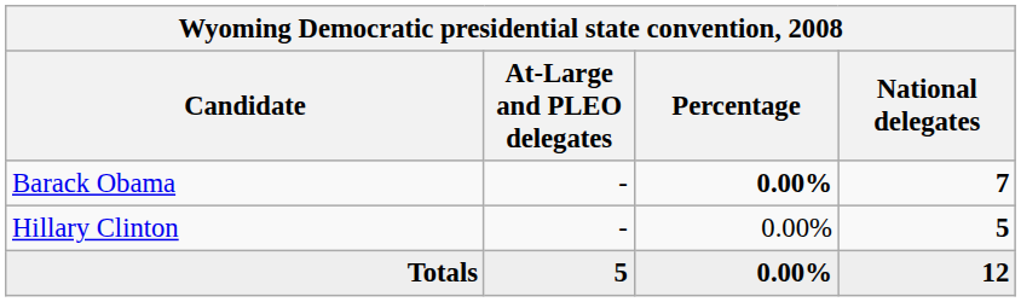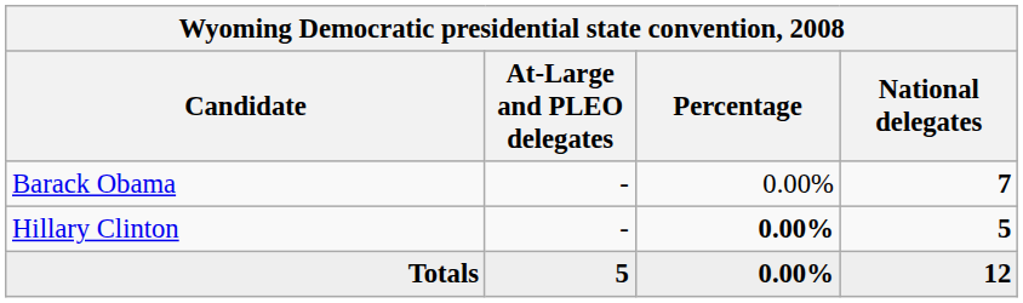 <table class="wikitable" style="font-size: 95%; text-align:right;">
 <tr>
 <th colspan="5">Wyoming Democratic presidential state convention, 2008</th>
 </tr>
 <tr>
 <th style="width: 17em">Candidate</th>
 <th style="width: 5em">At-Large and PLEO delegates</th>
 <th style="width: 7em">Percentage</th>
 <th style="width: 6em">National delegates</th>
 </tr>
 <tr>
 <td align="left"><a href='#'>Barack Obama</a></td>
 <td>-</td>
-<td><strong>0.00%</strong></td>
+<td>0.00%</td>
 <td><strong>7</strong></td>
 </tr>
 <tr>
 <td align="left"><a href='#'>Hillary Clinton</a></td>
 <td>-</td>
-<td>0.00%</td>
+<td><strong>0.00%</strong></td>
 <td><strong>5</strong></td>
 </tr>
 <tr bgcolor="#EEEEEE" style="margin-right:0.5em">
 <td><strong>Totals</strong></td>
 <td><strong>5</strong></td>
 <td><strong>0.00%</strong></td>
 <td><strong>12</strong></td>
 </tr>
 </table>
